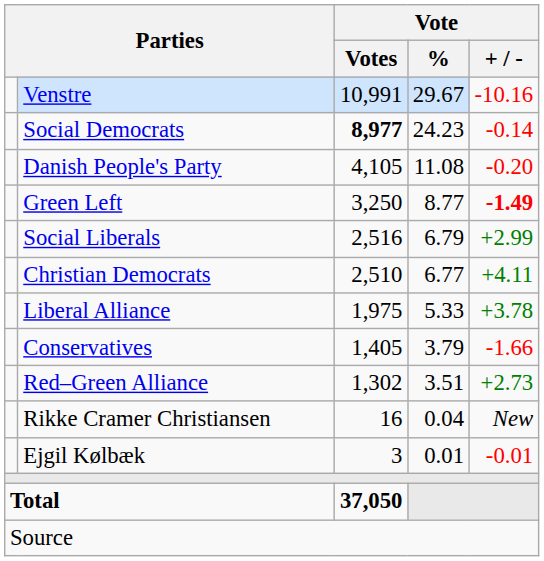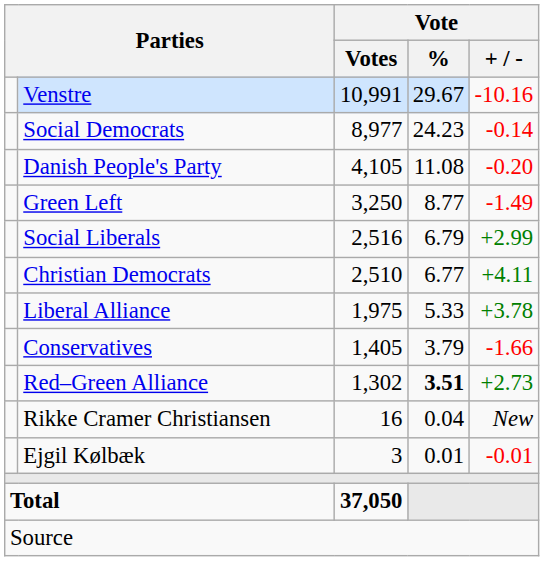 <table class="wikitable" style="text-align:right;">
 <tr>
 <th style="text-align:centre;" rowspan="2" colspan="2" width="225">Parties</th>
 <th colspan="3">Vote</th>
 </tr>
 <tr>
 <th width="15">Votes</th>
 <th width="15">%</th>
 <th width="15">+ / -</th>
 </tr>
 <tr>
 <td width="2" style="color:inherit;background:"></td>
 <td bgcolor=#cfe5fe  align="left"><a href='#'>Venstre</a></td>
 <td bgcolor=#cfe5fe>10,991</td>
 <td bgcolor=#cfe5fe>29.67</td>
 <td style=color:red;>-10.16</td>
 </tr>
 <tr>
 <td width="2" style="color:inherit;background:"></td>
 <td align="left"><a href='#'>Social Democrats</a></td>
-<td><strong>8,977</strong></td>
+<td>8,977</td>
 <td>24.23</td>
 <td style=color:red;>-0.14</td>
 </tr>
 <tr>
 <td width="2" style="color:inherit;background:"></td>
 <td align="left"><a href='#'>Danish People's Party</a></td>
 <td>4,105</td>
 <td>11.08</td>
 <td style=color:red;>-0.20</td>
 </tr>
 <tr>
 <td width="2" style="color:inherit;background:"></td>
 <td align="left"><a href='#'>Green Left</a></td>
 <td>3,250</td>
 <td>8.77</td>
-<td style=color:red;><strong>-1.49</strong></td>
+<td style=color:red;>-1.49</td>
 </tr>
 <tr>
 <td width="2" style="color:inherit;background:"></td>
 <td align="left"><a href='#'>Social Liberals</a></td>
 <td>2,516</td>
 <td>6.79</td>
 <td style=color:green;>+2.99</td>
 </tr>
 <tr>
 <td width="2" style="color:inherit;background:"></td>
 <td align="left"><a href='#'>Christian Democrats</a></td>
 <td>2,510</td>
 <td>6.77</td>
 <td style=color:green;>+4.11</td>
 </tr>
 <tr>
 <td width="2" style="color:inherit;background:"></td>
 <td align="left"><a href='#'>Liberal Alliance</a></td>
 <td>1,975</td>
 <td>5.33</td>
 <td style=color:green;>+3.78</td>
 </tr>
 <tr>
 <td width="2" style="color:inherit;background:"></td>
 <td align="left"><a href='#'>Conservatives</a></td>
 <td>1,405</td>
 <td>3.79</td>
 <td style=color:red;>-1.66</td>
 </tr>
 <tr>
 <td width="2" style="color:inherit;background:"></td>
 <td align="left"><a href='#'>Red–Green Alliance</a></td>
 <td>1,302</td>
-<td>3.51</td>
+<td><strong>3.51</strong></td>
 <td style=color:green;>+2.73</td>
 </tr>
 <tr>
 <td width="2" style="color:inherit;background:"></td>
 <td align="left">Rikke Cramer Christiansen</td>
 <td>16</td>
 <td>0.04</td>
 <td><em>New</em></td>
 </tr>
 <tr>
 <td width="2" style="color:inherit;background:"></td>
 <td align="left">Ejgil Kølbæk</td>
 <td>3</td>
 <td>0.01</td>
 <td style=color:red;>-0.01</td>
 </tr>
 <tr>
 <td colspan="7" bgcolor="#E9E9E9"></td>
 </tr>
 <tr>
 <td align="left" colspan="2"><strong>Total</strong></td>
 <td><strong>37,050</strong></td>
 <td bgcolor="#E9E9E9" colspan="2"></td>
 </tr>
 <tr>
 <td align="left" colspan="6">Source</td>
 </tr>
 </table>
